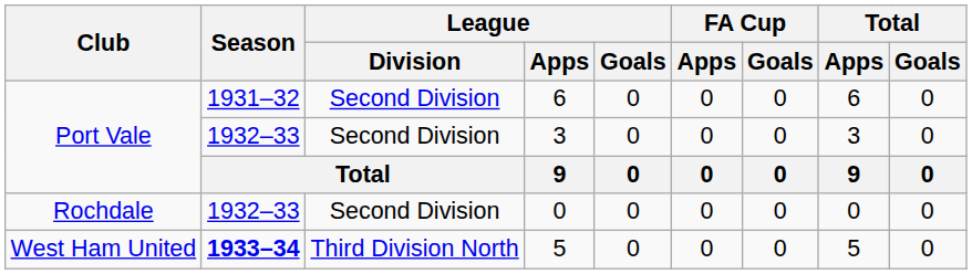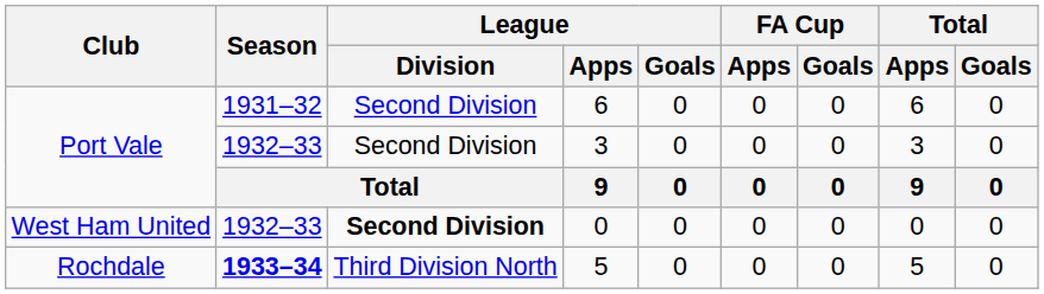 <table class="wikitable" style="text-align: center;">
 <tr>
 <th rowspan="2">Club</th>
 <th rowspan="2">Season</th>
 <th colspan="3">League</th>
 <th colspan="2">FA Cup</th>
 <th colspan="2">Total</th>
 </tr>
 <tr>
 <th>Division</th>
 <th>Apps</th>
 <th>Goals</th>
 <th>Apps</th>
 <th>Goals</th>
 <th>Apps</th>
 <th>Goals</th>
 </tr>
 <tr>
 <td rowspan="3"><a href='#'>Port Vale</a></td>
 <td><a href='#'>1931–32</a></td>
 <td><a href='#'>Second Division</a></td>
 <td>6</td>
 <td>0</td>
 <td>0</td>
 <td>0</td>
 <td>6</td>
 <td>0</td>
 </tr>
 <tr>
 <td><a href='#'>1932–33</a></td>
 <td>Second Division</td>
 <td>3</td>
 <td>0</td>
 <td>0</td>
 <td>0</td>
 <td>3</td>
 <td>0</td>
 </tr>
 <tr>
 <th colspan="2">Total</th>
 <th>9</th>
 <th>0</th>
 <th>0</th>
 <th>0</th>
 <th>9</th>
 <th>0</th>
 </tr>
 <tr>
-<td><a href='#'>Rochdale</a></td>
+<td><a href='#'>West Ham United</a></td>
 <td><a href='#'>1932–33</a></td>
-<td>Second Division</td>
+<td><strong>Second Division</strong></td>
 <td>0</td>
 <td>0</td>
 <td>0</td>
 <td>0</td>
 <td>0</td>
 <td>0</td>
 </tr>
 <tr>
-<td><a href='#'>West Ham United</a></td>
+<td><a href='#'>Rochdale</a></td>
 <td><strong><a href='#'>1933–34</a></strong></td>
 <td><a href='#'>Third Division North</a></td>
 <td>5</td>
 <td>0</td>
 <td>0</td>
 <td>0</td>
 <td>5</td>
 <td>0</td>
 </tr>
 </table>
